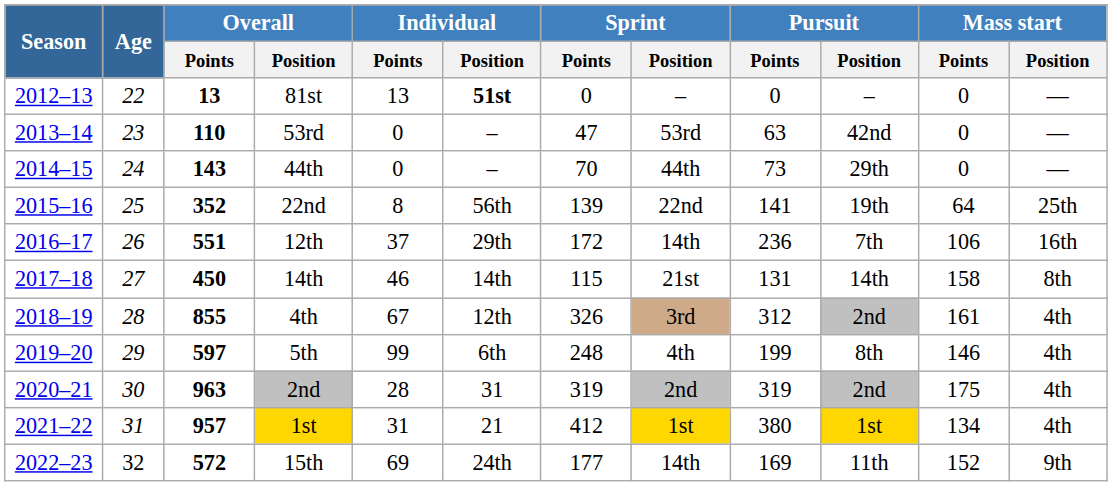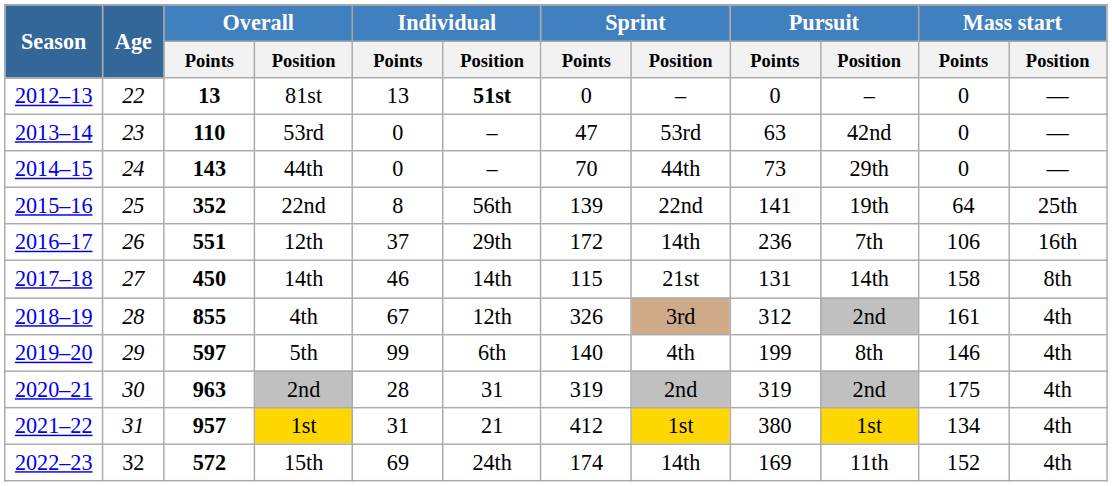 <table class="wikitable" style="font-size:95%; text-align:center; border:grey solid 1px; border-collapse:collapse; background:#ffffff;">
 <tr class="hintergrundfarbe5">
 </tr>
 <tr style="background:#efefef;">
 <th rowspan="2" style="background-color:#369; color:white; width:60px">Season</th>
 <th rowspan="2" style="background-color:#369; color:white; width:35px">Age</th>
 <th colspan="2" style="background-color:#4180be; color:white; width:115px;">Overall</th>
 <th colspan="2" style="background-color:#4180be; color:white; width:115px;">Individual</th>
 <th colspan="2" style="background-color:#4180be; color:white; width:115px;">Sprint</th>
 <th colspan="2" style="background-color:#4180be; color:white; width:115px;">Pursuit</th>
 <th colspan="2" style="background-color:#4180be; color:white; width:115px;">Mass start</th>
 </tr>
 <tr class="hintergrundfarbe5">
 <th style="width:55px;"><small>Points</small></th>
 <th style="width:60px;"><small>Position</small></th>
 <th style="width:55px;"><small>Points</small></th>
 <th style="width:60px;"><small>Position</small></th>
 <th style="width:55px;"><small>Points</small></th>
 <th style="width:60px;"><small>Position</small></th>
 <th style="width:55px;"><small>Points</small></th>
 <th style="width:60px;"><small>Position</small></th>
 <th style="width:55px;"><small>Points</small></th>
 <th style="width:60px;"><small>Position</small></th>
 </tr>
 <tr>
 <td><a href='#'>2012–13</a></td>
 <td><em>22</em></td>
 <td><strong>13</strong></td>
 <td>81st</td>
 <td>13</td>
 <td><strong>51st</strong></td>
 <td>0</td>
 <td>–</td>
 <td>0</td>
 <td>–</td>
 <td>0</td>
 <td>—</td>
 </tr>
 <tr>
 <td><a href='#'>2013–14</a></td>
 <td><em>23</em></td>
 <td><strong>110</strong></td>
 <td>53rd</td>
 <td>0</td>
 <td>–</td>
 <td>47</td>
 <td>53rd</td>
 <td>63</td>
 <td>42nd</td>
 <td>0</td>
 <td>—</td>
 </tr>
 <tr>
 <td><a href='#'>2014–15</a></td>
 <td><em>24</em></td>
 <td><strong>143</strong></td>
 <td>44th</td>
 <td>0</td>
 <td>–</td>
 <td>70</td>
 <td>44th</td>
 <td>73</td>
 <td>29th</td>
 <td>0</td>
 <td>—</td>
 </tr>
 <tr>
 <td><a href='#'>2015–16</a></td>
 <td><em>25</em></td>
 <td><strong>352</strong></td>
 <td>22nd</td>
 <td>8</td>
 <td>56th</td>
 <td>139</td>
 <td>22nd</td>
 <td>141</td>
 <td>19th</td>
 <td>64</td>
 <td>25th</td>
 </tr>
 <tr>
 <td><a href='#'>2016–17</a></td>
 <td><em>26</em></td>
 <td><strong>551</strong></td>
 <td>12th</td>
 <td>37</td>
 <td>29th</td>
 <td>172</td>
 <td>14th</td>
 <td>236</td>
 <td>7th</td>
 <td>106</td>
 <td>16th</td>
 </tr>
 <tr>
 <td><a href='#'>2017–18</a></td>
 <td><em>27</em></td>
 <td><strong>450</strong></td>
 <td>14th</td>
 <td>46</td>
 <td>14th</td>
 <td>115</td>
 <td>21st</td>
 <td>131</td>
 <td>14th</td>
 <td>158</td>
 <td>8th</td>
 </tr>
 <tr>
 <td><a href='#'>2018–19</a></td>
 <td><em>28</em></td>
 <td><strong>855</strong></td>
 <td>4th</td>
 <td>67</td>
 <td>12th</td>
 <td>326</td>
 <td style="background:#cfaa88;">3rd</td>
 <td>312</td>
 <td style="background:silver;">2nd</td>
 <td>161</td>
 <td>4th</td>
 </tr>
 <tr>
 <td><a href='#'>2019–20</a></td>
 <td><em>29</em></td>
 <td><strong>597</strong></td>
 <td>5th</td>
 <td>99</td>
 <td>6th</td>
-<td>248</td>
+<td>140</td>
 <td>4th</td>
 <td>199</td>
 <td>8th</td>
 <td>146</td>
 <td>4th</td>
 </tr>
 <tr>
 <td><a href='#'>2020–21</a></td>
 <td><em>30</em></td>
 <td><strong>963</strong></td>
 <td style="background:silver;">2nd</td>
 <td>28</td>
 <td>31</td>
 <td>319</td>
 <td style="background:silver;">2nd</td>
 <td>319</td>
 <td style="background:silver;">2nd</td>
 <td>175</td>
 <td>4th</td>
 </tr>
 <tr>
 <td><a href='#'>2021–22</a></td>
 <td><em>31</em></td>
 <td><strong>957</strong></td>
 <td style="background:gold;">1st</td>
 <td>31</td>
 <td>21</td>
 <td>412</td>
 <td style="background:gold;">1st</td>
 <td>380</td>
 <td style="background:gold;">1st</td>
 <td>134</td>
 <td>4th</td>
 </tr>
 <tr>
 <td><a href='#'>2022–23</a></td>
 <td>32</td>
 <td><strong>572</strong></td>
 <td>15th</td>
 <td>69</td>
 <td>24th</td>
-<td>177</td>
+<td>174</td>
 <td>14th</td>
 <td>169</td>
 <td>11th</td>
 <td>152</td>
-<td>9th</td>
+<td>4th</td>
 </tr>
 </table>
